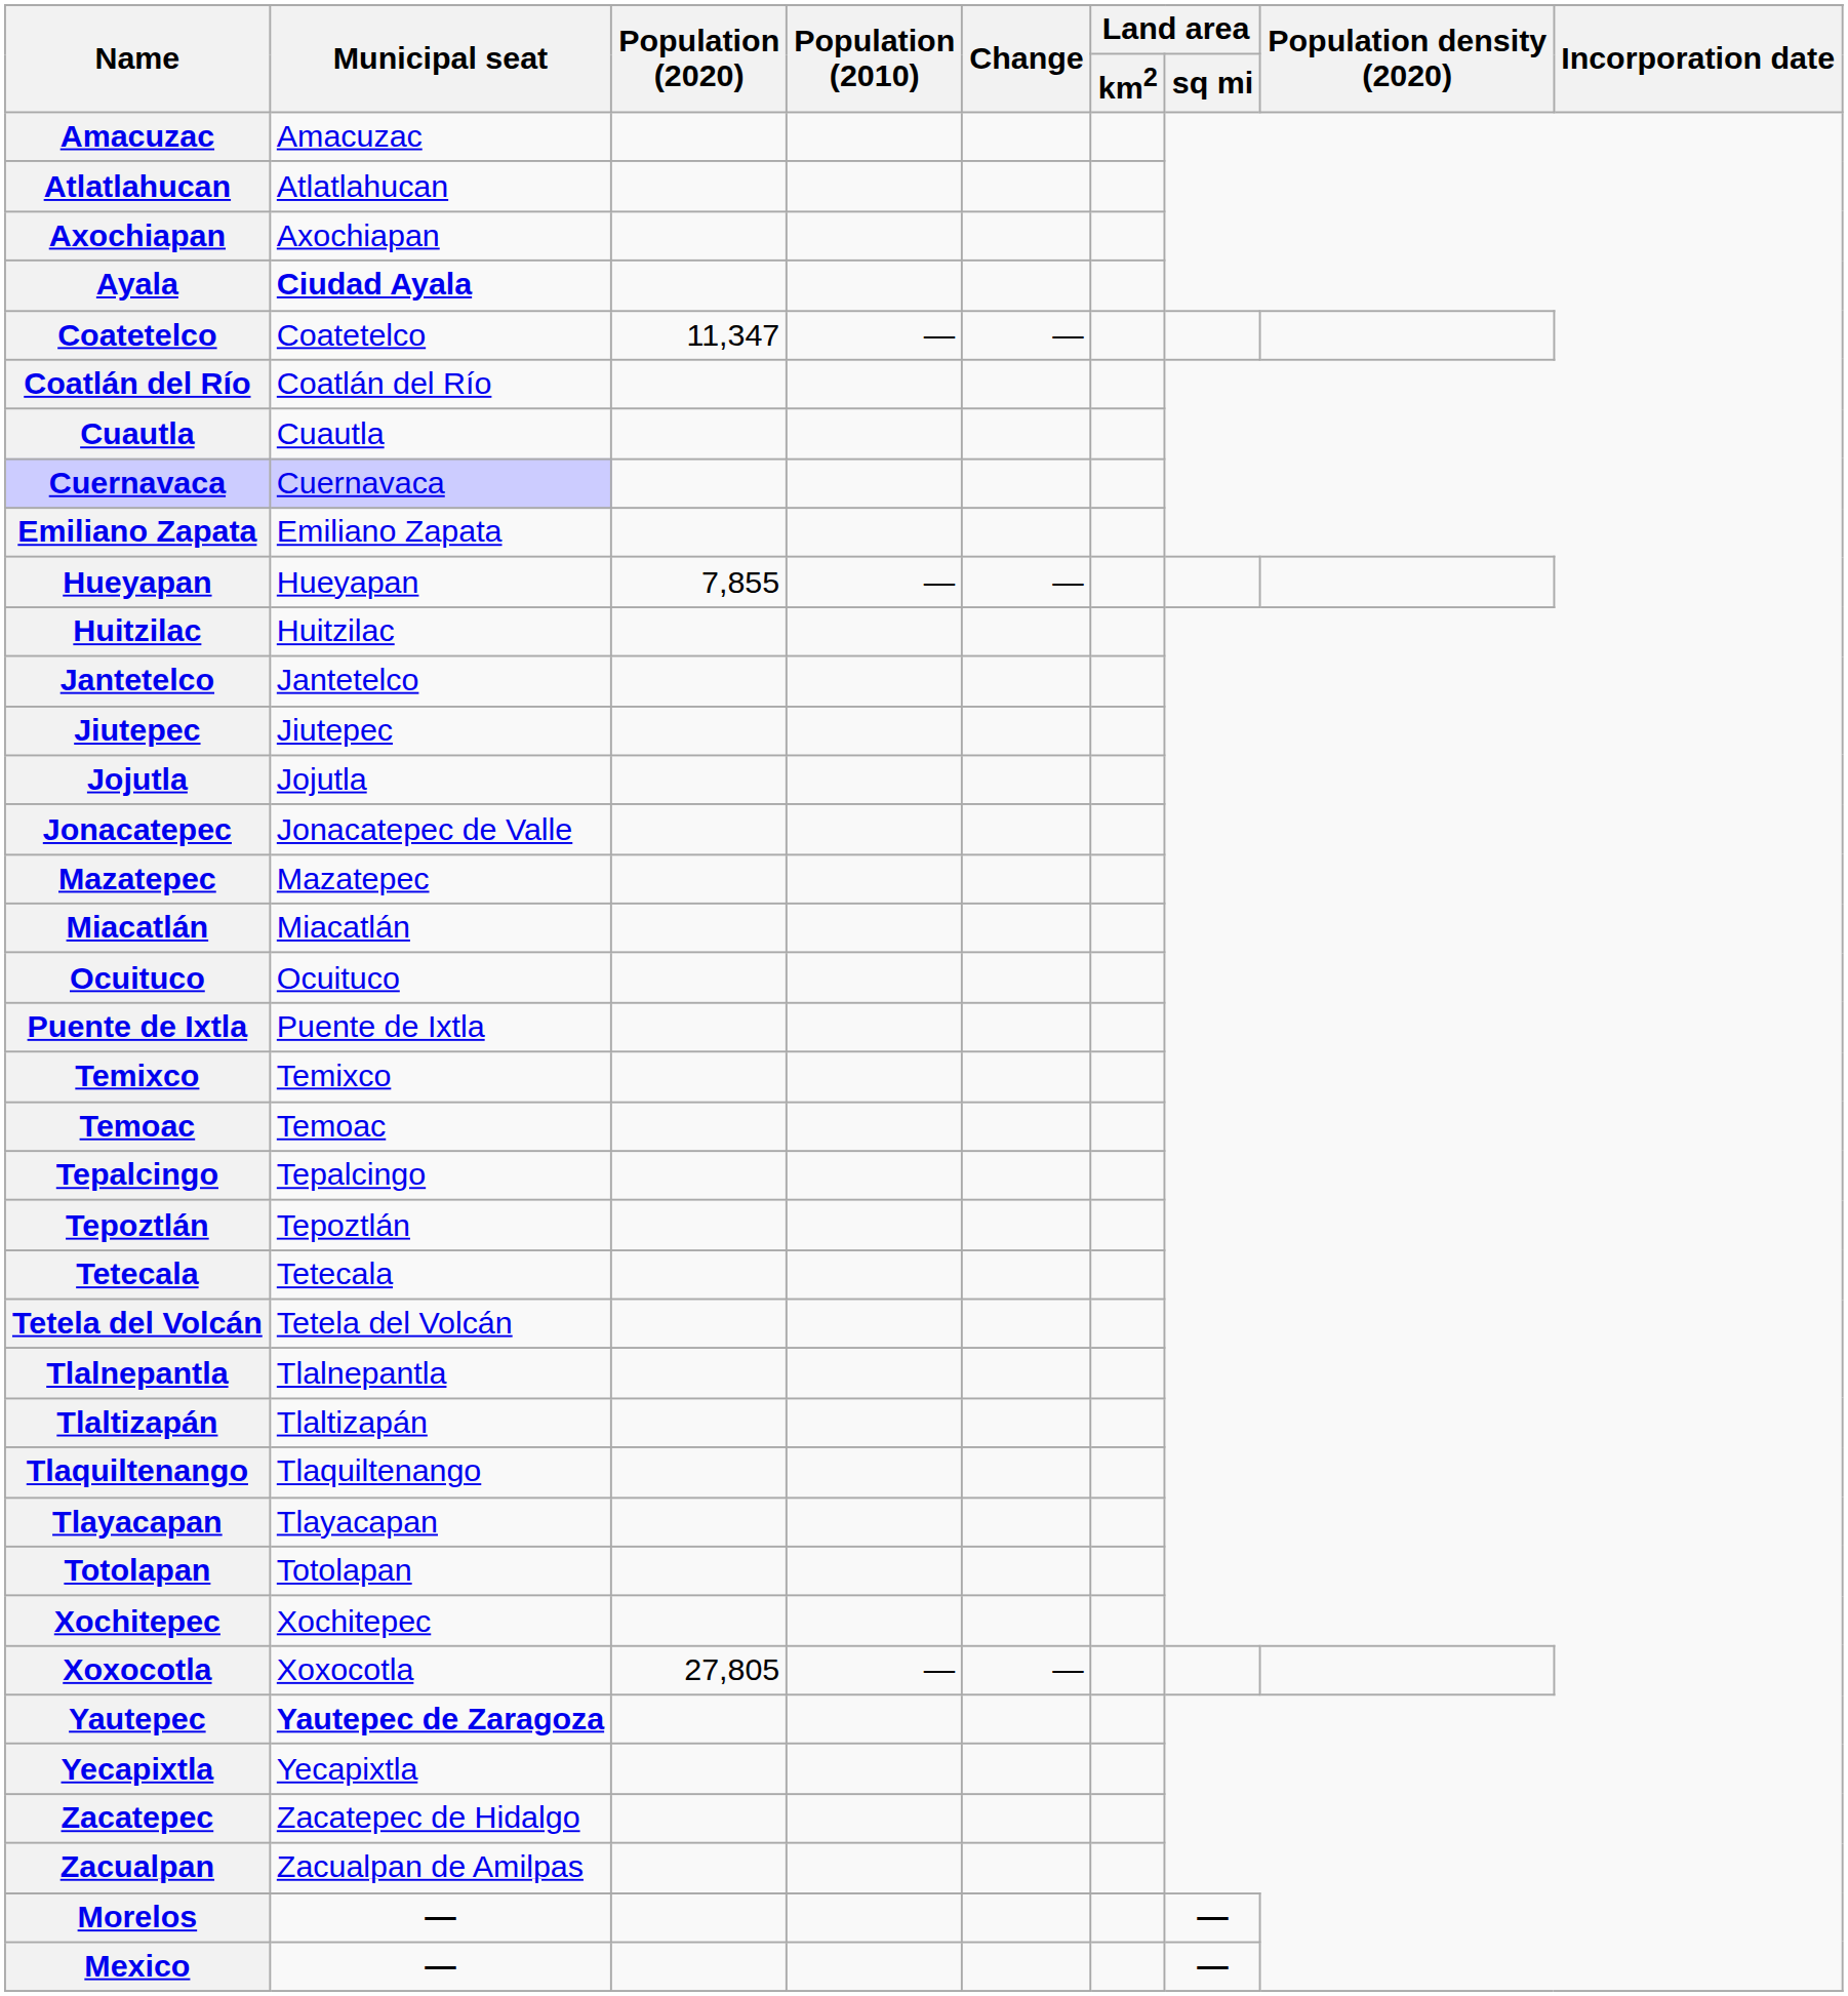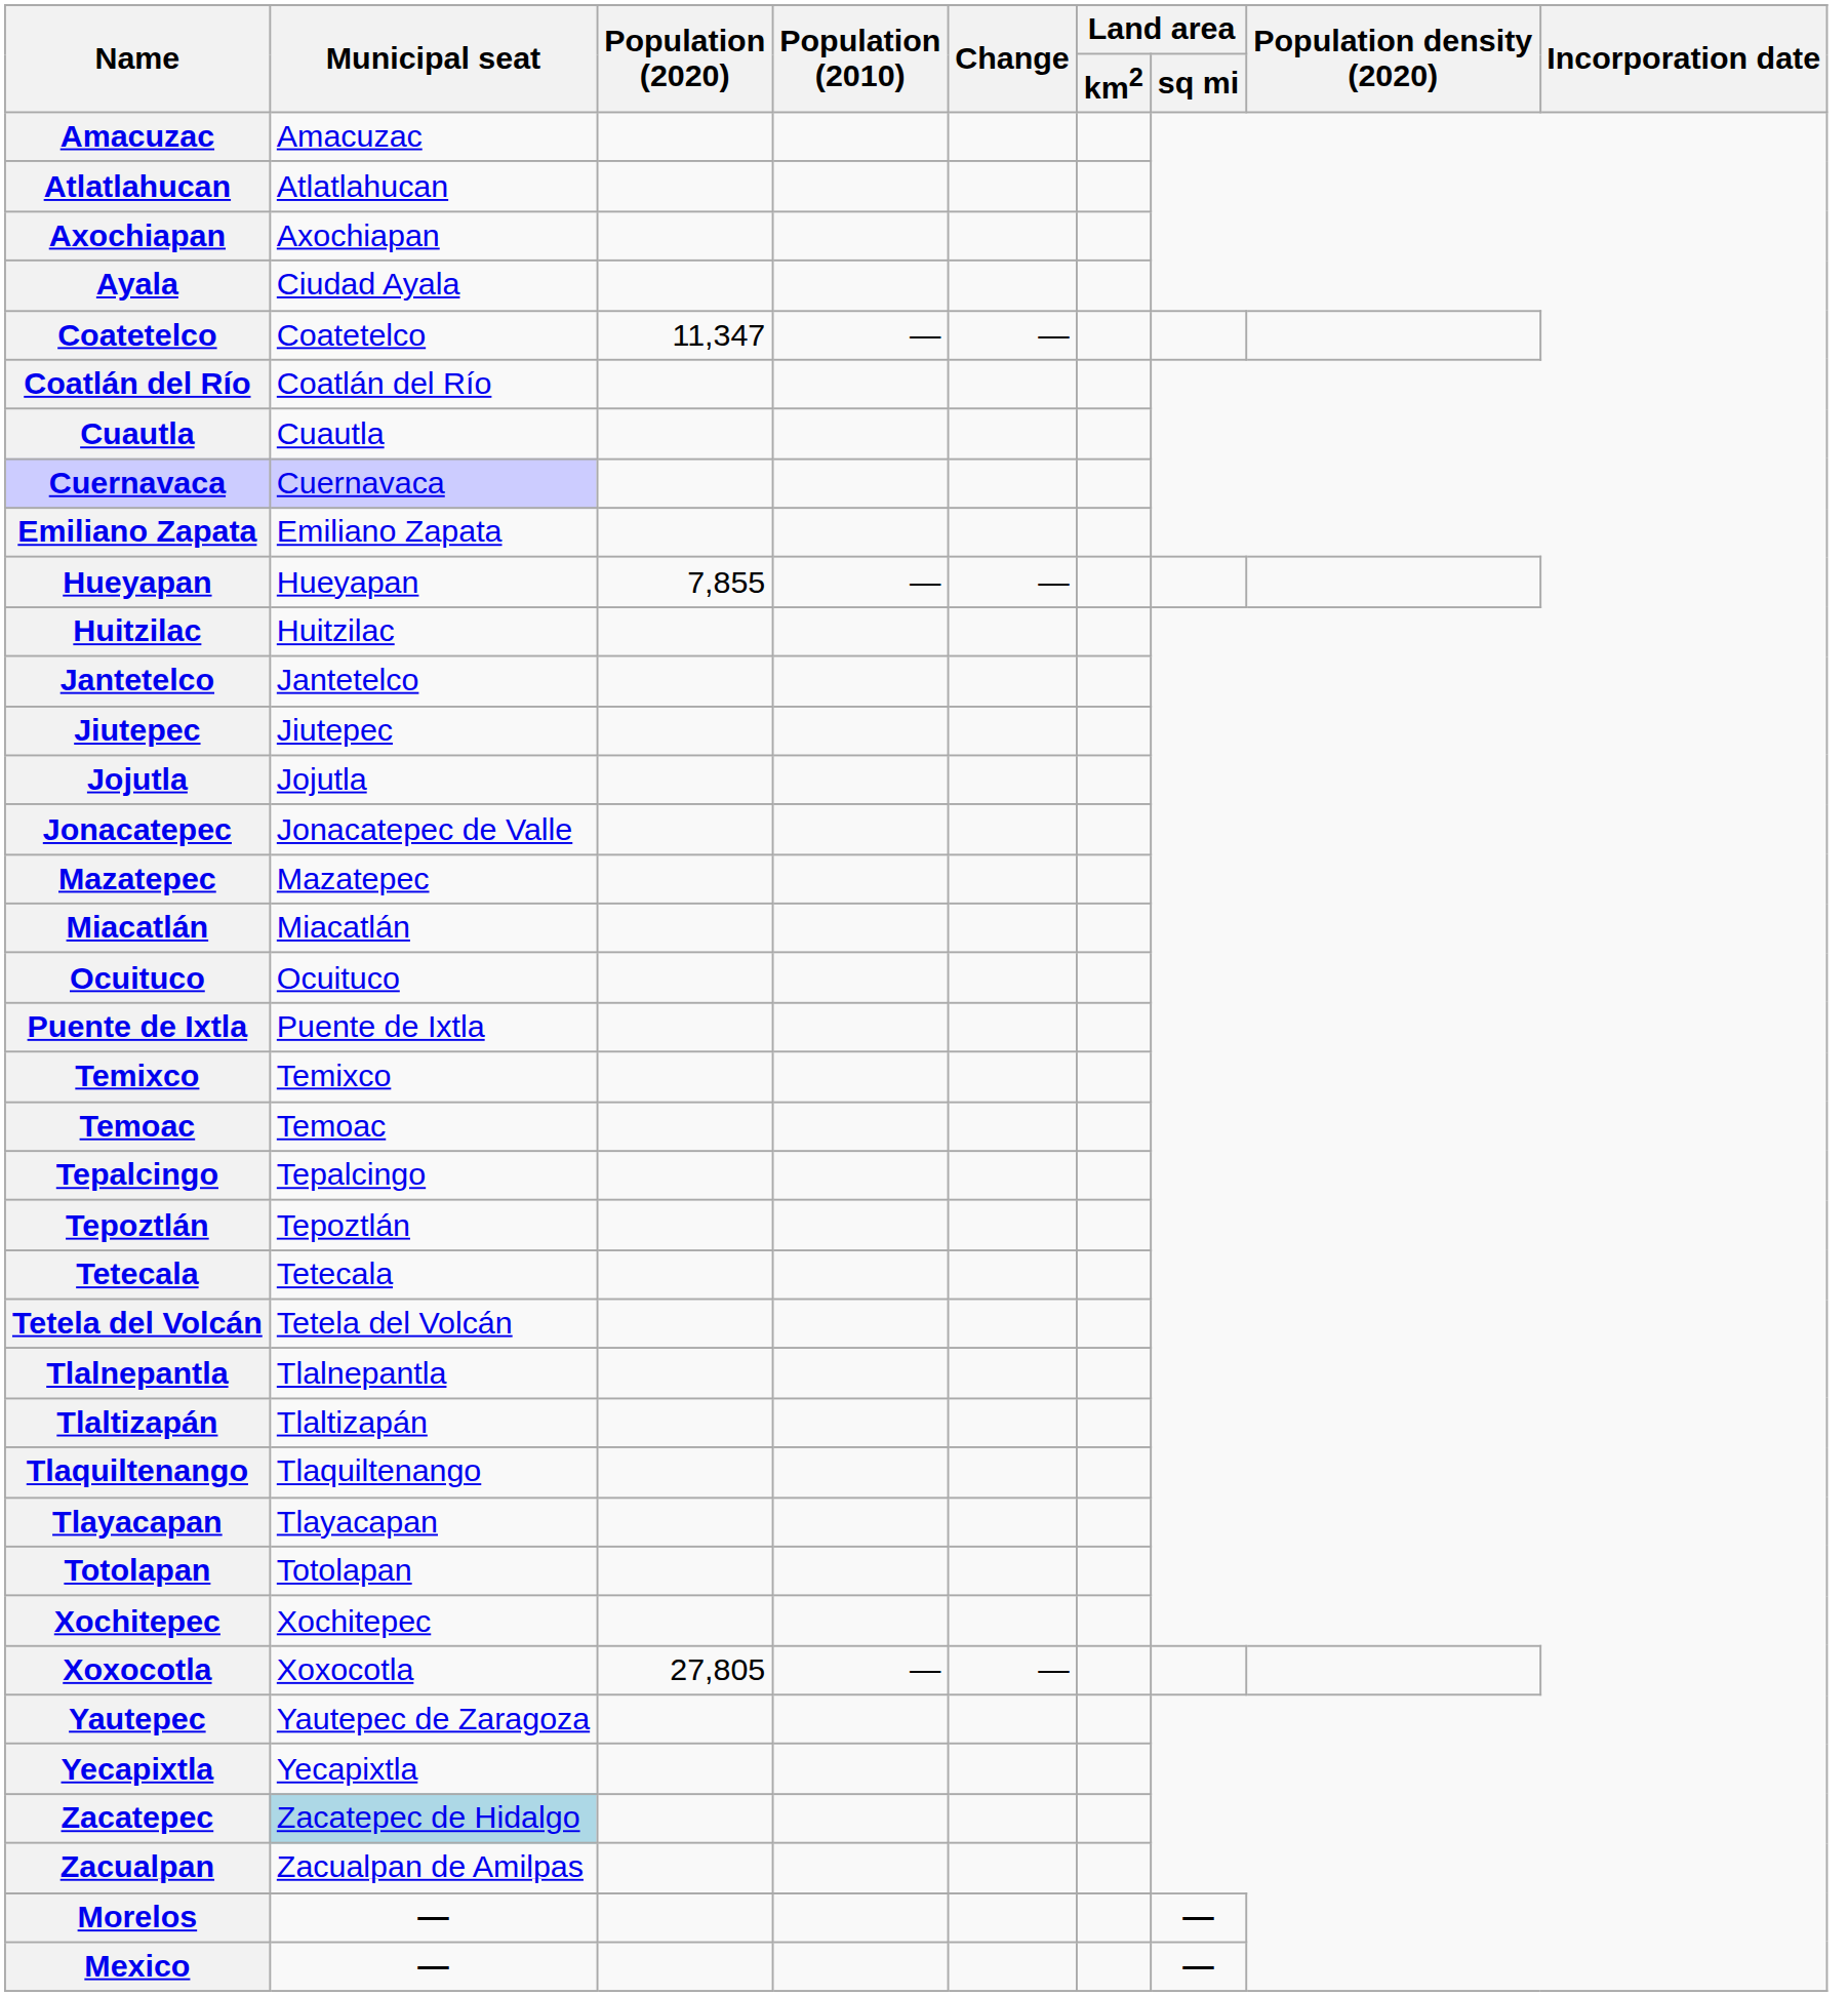 <table class="wikitable sortable" style="text-align:right;">
 <tr>
 </tr>
 <tr>
 <th scope="col"  rowspan=2>Name</th>
 <th scope="col"  rowspan=2>Municipal seat</th>
 <th scope="col"  rowspan=2>Population<br>(2020)</th>
 <th scope="col"  rowspan=2>Population<br>(2010)</th>
 <th scope="col"  rowspan=2>Change</th>
 <th scope="col" data-sort-type="number"  colspan=2>Land area</th>
 <th scope="col" data-sort-type="number"  rowspan=2>Population density<br>(2020)</th>
 <th scope="col"  rowspan=2>Incorporation date</th>
 </tr>
 <tr>
 <th scope="col">km<sup>2</sup></th>
 <th scope="col">sq mi</th>
 </tr>
 <tr>
 <th scope="row" align="left"><a href='#'>Amacuzac</a></th>
 <td align=left><a href='#'>Amacuzac</a></td>
 <td></td>
 <td></td>
 <td></td>
 <td></td>
 </tr>
 <tr>
 <th scope="row" align="left"><a href='#'>Atlatlahucan</a></th>
 <td align=left><a href='#'>Atlatlahucan</a></td>
 <td></td>
 <td></td>
 <td></td>
 <td></td>
 </tr>
 <tr>
 <th scope="row" align="left"><a href='#'>Axochiapan</a></th>
 <td align=left><a href='#'>Axochiapan</a></td>
 <td></td>
 <td></td>
 <td></td>
 <td></td>
 </tr>
 <tr>
 <th scope="row" align="left"><a href='#'>Ayala</a></th>
-<td align=left><strong><a href='#'>Ciudad Ayala</a></strong></td>
+<td align=left><a href='#'>Ciudad Ayala</a></td>
 <td></td>
 <td></td>
 <td></td>
 <td></td>
 </tr>
 <tr>
 <th scope="row" align="left"><a href='#'>Coatetelco</a></th>
 <td align=left><a href='#'>Coatetelco</a></td>
 <td>11,347</td>
 <td>—</td>
 <td>—</td>
 <td></td>
 <td></td>
 <td></td>
 </tr>
 <tr>
 <th scope="row" align="left"><a href='#'>Coatlán del Río</a></th>
 <td align=left><a href='#'>Coatlán del Río</a></td>
 <td></td>
 <td></td>
 <td></td>
 <td></td>
 </tr>
 <tr>
 <th scope="row" align="left"><a href='#'>Cuautla</a></th>
 <td align=left><a href='#'>Cuautla</a></td>
 <td></td>
 <td></td>
 <td></td>
 <td></td>
 </tr>
 <tr>
 <th scope="row" align="left" style="background:#CCF;"><a href='#'>Cuernavaca</a></th>
 <td align=left style="background:#CCF;"><a href='#'>Cuernavaca</a></td>
 <td></td>
 <td></td>
 <td></td>
 <td></td>
 </tr>
 <tr>
 <th scope="row" align="left"><a href='#'>Emiliano Zapata</a></th>
 <td align=left><a href='#'>Emiliano Zapata</a></td>
 <td></td>
 <td></td>
 <td></td>
 <td></td>
 </tr>
 <tr>
 <th scope="row" align="left"><a href='#'>Hueyapan</a></th>
 <td align=left><a href='#'>Hueyapan</a></td>
 <td>7,855</td>
 <td>—</td>
 <td>—</td>
 <td></td>
 <td></td>
 <td></td>
 </tr>
 <tr>
 <th scope="row" align="left"><a href='#'>Huitzilac</a></th>
 <td align=left><a href='#'>Huitzilac</a></td>
 <td></td>
 <td></td>
 <td></td>
 <td></td>
 </tr>
 <tr>
 <th scope="row" align="left"><a href='#'>Jantetelco</a></th>
 <td align=left><a href='#'>Jantetelco</a></td>
 <td></td>
 <td></td>
 <td></td>
 <td></td>
 </tr>
 <tr>
 <th scope="row" align="left"><a href='#'>Jiutepec</a></th>
 <td align=left><a href='#'>Jiutepec</a></td>
 <td></td>
 <td></td>
 <td></td>
 <td></td>
 </tr>
 <tr>
 <th scope="row" align="left"><a href='#'>Jojutla</a></th>
 <td align=left><a href='#'>Jojutla</a></td>
 <td></td>
 <td></td>
 <td></td>
 <td></td>
 </tr>
 <tr>
 <th scope="row" align="left"><a href='#'>Jonacatepec</a></th>
 <td align=left><a href='#'>Jonacatepec de Valle</a></td>
 <td></td>
 <td></td>
 <td></td>
 <td></td>
 </tr>
 <tr>
 <th scope="row" align="left"><a href='#'>Mazatepec</a></th>
 <td align=left><a href='#'>Mazatepec</a></td>
 <td></td>
 <td></td>
 <td></td>
 <td></td>
 </tr>
 <tr>
 <th scope="row" align="left"><a href='#'>Miacatlán</a></th>
 <td align=left><a href='#'>Miacatlán</a></td>
 <td></td>
 <td></td>
 <td></td>
 <td></td>
 </tr>
 <tr>
 <th scope="row" align="left"><a href='#'>Ocuituco</a></th>
 <td align=left><a href='#'>Ocuituco</a></td>
 <td></td>
 <td></td>
 <td></td>
 <td></td>
 </tr>
 <tr>
 <th scope="row" align="left"><a href='#'>Puente de Ixtla</a></th>
 <td align=left><a href='#'>Puente de Ixtla</a></td>
 <td></td>
 <td></td>
 <td></td>
 <td></td>
 </tr>
 <tr>
 <th scope="row" align="left"><a href='#'>Temixco</a></th>
 <td align=left><a href='#'>Temixco</a></td>
 <td></td>
 <td></td>
 <td></td>
 <td></td>
 </tr>
 <tr>
 <th scope="row" align="left"><a href='#'>Temoac</a></th>
 <td align=left><a href='#'>Temoac</a></td>
 <td></td>
 <td></td>
 <td></td>
 <td></td>
 </tr>
 <tr>
 <th scope="row" align="left"><a href='#'>Tepalcingo</a></th>
 <td align=left><a href='#'>Tepalcingo</a></td>
 <td></td>
 <td></td>
 <td></td>
 <td></td>
 </tr>
 <tr>
 <th scope="row" align="left"><a href='#'>Tepoztlán</a></th>
 <td align=left><a href='#'>Tepoztlán</a></td>
 <td></td>
 <td></td>
 <td></td>
 <td></td>
 </tr>
 <tr>
 <th scope="row" align="left"><a href='#'>Tetecala</a></th>
 <td align=left><a href='#'>Tetecala</a></td>
 <td></td>
 <td></td>
 <td></td>
 <td></td>
 </tr>
 <tr>
 <th scope="row" align="left"><a href='#'>Tetela del Volcán</a></th>
 <td align=left><a href='#'>Tetela del Volcán</a></td>
 <td></td>
 <td></td>
 <td></td>
 <td></td>
 </tr>
 <tr>
 <th scope="row" align="left"><a href='#'>Tlalnepantla</a></th>
 <td align=left><a href='#'>Tlalnepantla</a></td>
 <td></td>
 <td></td>
 <td></td>
 <td></td>
 </tr>
 <tr>
 <th scope="row" align="left"><a href='#'>Tlaltizapán</a></th>
 <td align=left><a href='#'>Tlaltizapán</a></td>
 <td></td>
 <td></td>
 <td></td>
 <td></td>
 </tr>
 <tr>
 <th scope="row" align="left"><a href='#'>Tlaquiltenango</a></th>
 <td align=left><a href='#'>Tlaquiltenango</a></td>
 <td></td>
 <td></td>
 <td></td>
 <td></td>
 </tr>
 <tr>
 <th scope="row" align="left"><a href='#'>Tlayacapan</a></th>
 <td align=left><a href='#'>Tlayacapan</a></td>
 <td></td>
 <td></td>
 <td></td>
 <td></td>
 </tr>
 <tr>
 <th scope="row" align="left"><a href='#'>Totolapan</a></th>
 <td align=left><a href='#'>Totolapan</a></td>
 <td></td>
 <td></td>
 <td></td>
 <td></td>
 </tr>
 <tr>
 <th scope="row" align="left"><a href='#'>Xochitepec</a></th>
 <td align=left><a href='#'>Xochitepec</a></td>
 <td></td>
 <td></td>
 <td></td>
 <td></td>
 </tr>
 <tr>
 <th scope="row" align="left"><a href='#'>Xoxocotla</a></th>
 <td align=left><a href='#'>Xoxocotla</a></td>
 <td>27,805</td>
 <td>—</td>
 <td>—</td>
 <td></td>
 <td></td>
 <td></td>
 </tr>
 <tr>
 <th scope="row" align="left"><a href='#'>Yautepec</a></th>
-<td align=left><strong><a href='#'>Yautepec de Zaragoza</a></strong></td>
+<td align=left><a href='#'>Yautepec de Zaragoza</a></td>
 <td></td>
 <td></td>
 <td></td>
 <td></td>
 </tr>
 <tr>
 <th scope="row" align="left"><a href='#'>Yecapixtla</a></th>
 <td align=left><a href='#'>Yecapixtla</a></td>
 <td></td>
 <td></td>
 <td></td>
 <td></td>
 </tr>
 <tr>
 <th scope="row" align="left"><a href='#'>Zacatepec</a></th>
-<td align=left><a href='#'>Zacatepec de Hidalgo</a></td>
+<td align=left style="background: lightblue;"><a href='#'>Zacatepec de Hidalgo</a></td>
 <td></td>
 <td></td>
 <td></td>
 <td></td>
 </tr>
 <tr>
 <th scope="row" align="left"><a href='#'>Zacualpan</a></th>
 <td align=left><a href='#'>Zacualpan de Amilpas</a></td>
 <td></td>
 <td></td>
 <td></td>
 <td></td>
 </tr>
 <tr>
 </tr>
 <tr class="sortbottom" style="text-align:center;" style="background: #f2f2f2;">
 <th scope="row" align="left"><strong><a href='#'>Morelos</a></strong></th>
 <td><strong>—</strong></td>
 <td></td>
 <td><strong></strong></td>
 <td><strong></strong></td>
 <td align="right"><strong></strong></td>
 <td><strong>—</strong></td>
 </tr>
 <tr class="sortbottom" style="text-align:center;" style="background: #f2f2f2;">
 <th scope="row" align="left"><strong><a href='#'>Mexico</a></strong></th>
 <td><strong>—</strong></td>
 <td></td>
 <td><strong></strong></td>
 <td><strong></strong></td>
 <td align="right"><strong></strong></td>
 <td><strong>—</strong></td>
 </tr>
 </table>
